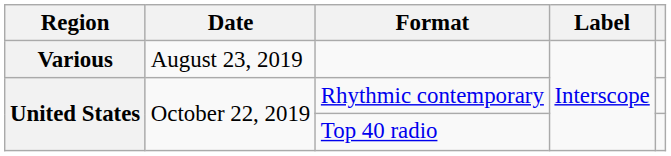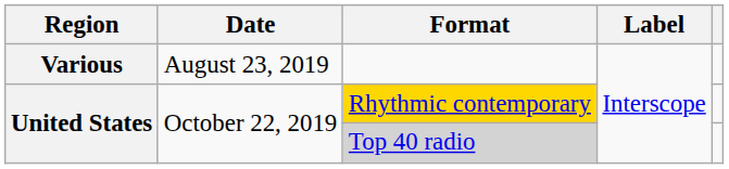 <table class="wikitable plainrowheaders">
 <tr>
 <th scope="col">Region</th>
 <th scope="col">Date</th>
 <th scope="col">Format</th>
 <th scope="col">Label</th>
 <th scope="col"></th>
 </tr>
 <tr>
 <th scope="row">Various</th>
 <td>August 23, 2019</td>
 <td></td>
 <td rowspan="3"><a href='#'>Interscope</a></td>
 <td></td>
 </tr>
 <tr>
 <th scope="row" rowspan="2">United States</th>
 <td rowspan="2">October 22, 2019</td>
-<td><a href='#'>Rhythmic contemporary</a></td>
+<td style="background: gold;"><a href='#'>Rhythmic contemporary</a></td>
 <td></td>
 </tr>
 <tr>
-<td><a href='#'>Top 40 radio</a></td>
+<td style="background: lightgrey;"><a href='#'>Top 40 radio</a></td>
 <td></td>
 </tr>
 </table>
